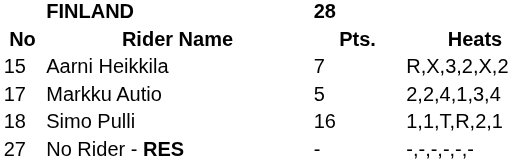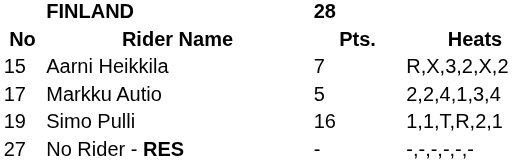 <table class="toccolours">
 <tr>
 <td></td>
 <td><strong>FINLAND</strong></td>
 <td><strong>28</strong></td>
 </tr>
 <tr style="background-color:">
 <th width=30px>No</th>
 <th width=210px>Rider Name</th>
 <th width=70px>Pts.</th>
 <th width=110px>Heats</th>
 </tr>
 <tr style="background-color:">
 <td>15</td>
 <td>Aarni Heikkila</td>
 <td>7</td>
 <td>R,X,3,2,X,2</td>
 </tr>
 <tr style="background-color:">
 <td>17</td>
 <td>Markku Autio</td>
 <td>5</td>
 <td>2,2,4,1,3,4</td>
 </tr>
 <tr style="background-color:">
-<td>18</td>
+<td>19</td>
 <td>Simo Pulli</td>
 <td>16</td>
 <td>1,1,T,R,2,1</td>
 </tr>
 <tr style="background-color:">
 <td>27</td>
 <td>No Rider - <strong>RES</strong></td>
 <td>-</td>
 <td>-,-,-,-,-,-</td>
 </tr>
 </table>
